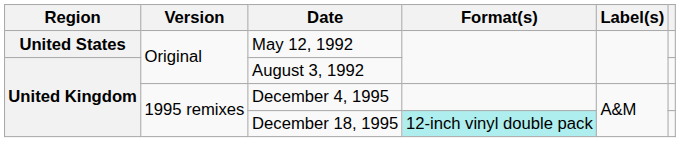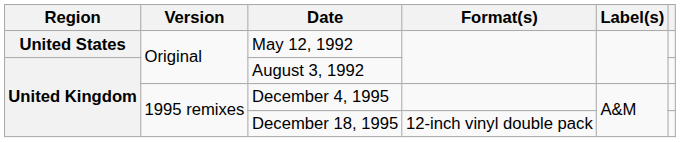 <table class="wikitable plainrowheaders">
 <tr>
 <th scope="col">Region</th>
 <th scope="col">Version</th>
 <th scope="col">Date</th>
 <th scope="col">Format(s)</th>
 <th scope="col">Label(s)</th>
 <th scope="col"></th>
 </tr>
 <tr>
 <th scope="row">United States</th>
 <td rowspan="2">Original</td>
 <td>May 12, 1992</td>
 <td rowspan="2"></td>
 <td rowspan="2"></td>
 <td></td>
 </tr>
 <tr>
 <th scope="row" rowspan="3">United Kingdom</th>
 <td>August 3, 1992</td>
 <td></td>
 </tr>
 <tr>
 <td rowspan="2">1995 remixes</td>
 <td>December 4, 1995</td>
 <td></td>
 <td rowspan="2">A&M</td>
 <td></td>
 </tr>
 <tr>
 <td>December 18, 1995</td>
-<td style="background: paleturquoise;">12-inch vinyl double pack</td>
+<td>12-inch vinyl double pack</td>
 <td></td>
 </tr>
 </table>
